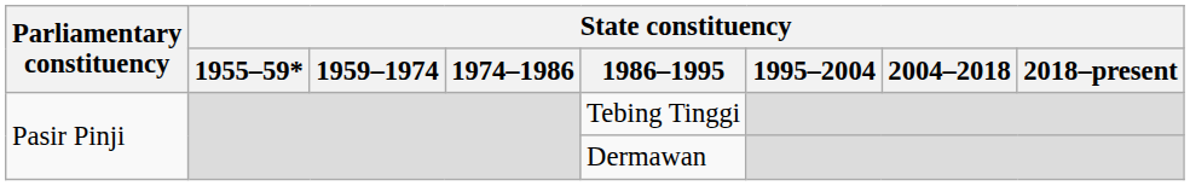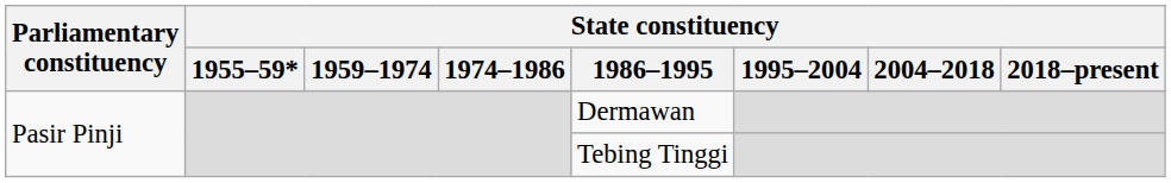 <table class="wikitable">
 <tr>
 <th rowspan="2">Parliamentary<br>constituency</th>
 <th colspan="7">State constituency</th>
 </tr>
 <tr>
 <th>1955–59*</th>
 <th>1959–1974</th>
 <th>1974–1986</th>
 <th>1986–1995</th>
 <th>1995–2004</th>
 <th>2004–2018</th>
 <th>2018–present</th>
 </tr>
 <tr>
 <td rowspan="2">Pasir Pinji</td>
 <td colspan="3" rowspan="2" bgcolor="dcdcdc"></td>
+<td>Dermawan</td>
+<td colspan="3" bgcolor="dcdcdc"></td>
+</tr>
+<tr>
 <td>Tebing Tinggi</td>
 <td colspan="3" bgcolor="dcdcdc"></td>
 </tr>
-<tr>
-<td>Dermawan</td>
-<td colspan="3" bgcolor="dcdcdc"></td>
-</tr>
 </table>
